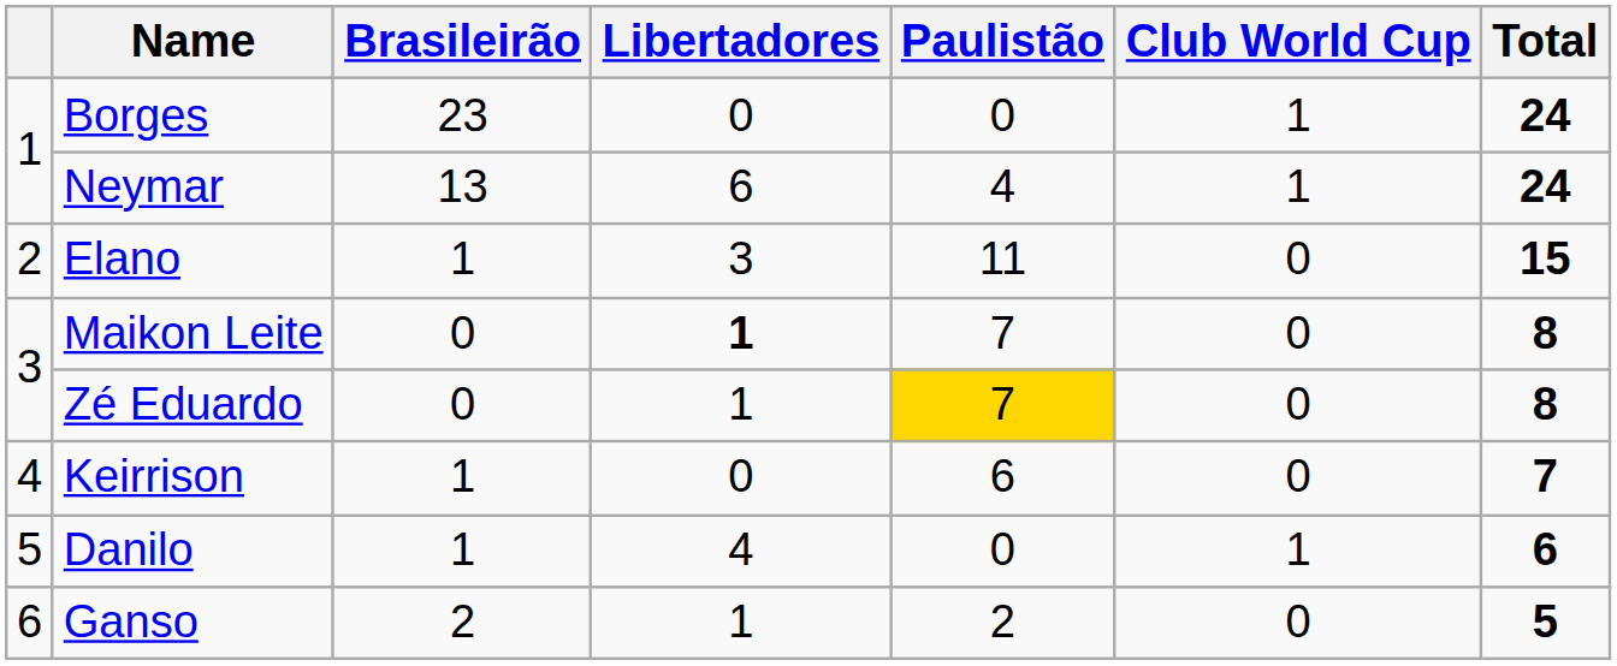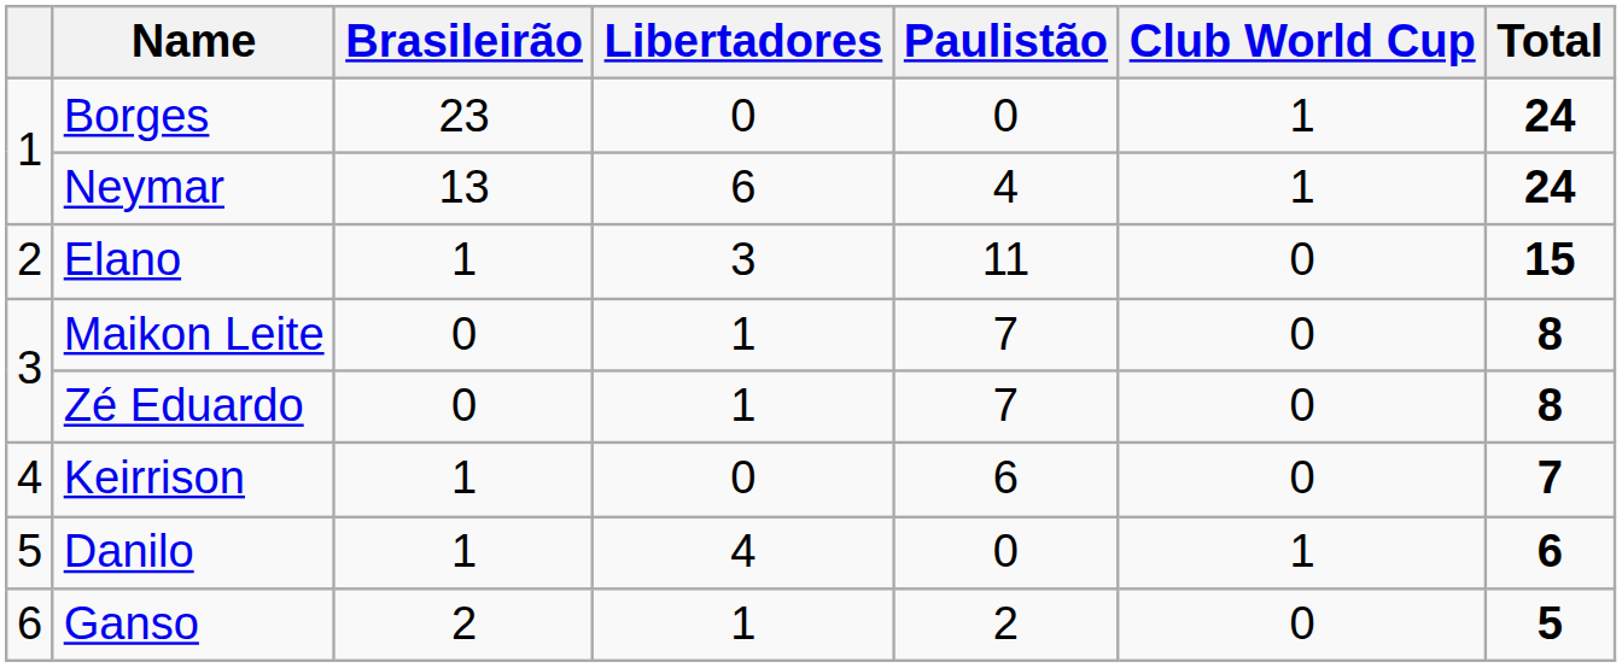 <table class="wikitable" style="text-align:center;">
 <tr>
 <th></th>
 <th>Name</th>
 <th><a href='#'>Brasileirão</a></th>
 <th><a href='#'>Libertadores</a></th>
 <th><a href='#'>Paulistão</a></th>
 <th><a href='#'>Club World Cup</a></th>
 <th>Total</th>
 </tr>
 <tr>
 <td rowspan=2>1</td>
 <td align=left> <a href='#'>Borges</a></td>
 <td>23</td>
 <td>0</td>
 <td>0</td>
 <td>1</td>
 <td><strong>24</strong></td>
 </tr>
 <tr>
 <td align=left> <a href='#'>Neymar</a></td>
 <td>13</td>
 <td>6</td>
 <td>4</td>
 <td>1</td>
 <td><strong>24</strong></td>
 </tr>
 <tr>
 <td rowspan=>2</td>
 <td align=left> <a href='#'>Elano</a></td>
 <td>1</td>
 <td>3</td>
 <td>11</td>
 <td>0</td>
 <td><strong>15</strong></td>
 </tr>
 <tr>
 <td rowspan=2>3</td>
 <td align=left> <a href='#'>Maikon Leite</a></td>
 <td>0</td>
-<td><strong>1</strong></td>
+<td>1</td>
 <td>7</td>
 <td>0</td>
 <td><strong>8</strong></td>
 </tr>
 <tr>
 <td align=left> <a href='#'>Zé Eduardo</a></td>
 <td>0</td>
 <td>1</td>
-<td style="background: gold;">7</td>
+<td>7</td>
 <td>0</td>
 <td><strong>8</strong></td>
 </tr>
 <tr>
 <td rowspan=>4</td>
 <td align=left> <a href='#'>Keirrison</a></td>
 <td>1</td>
 <td>0</td>
 <td>6</td>
 <td>0</td>
 <td><strong>7</strong></td>
 </tr>
 <tr>
 <td rowspan=>5</td>
 <td align=left> <a href='#'>Danilo</a></td>
 <td>1</td>
 <td>4</td>
 <td>0</td>
 <td>1</td>
 <td><strong>6</strong></td>
 </tr>
 <tr>
 <td rowspan=>6</td>
 <td align=left> <a href='#'>Ganso</a></td>
 <td>2</td>
 <td>1</td>
 <td>2</td>
 <td>0</td>
 <td><strong>5</strong></td>
 </tr>
 </table>
